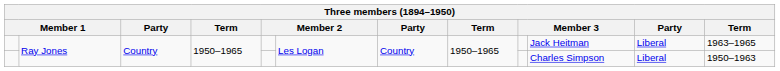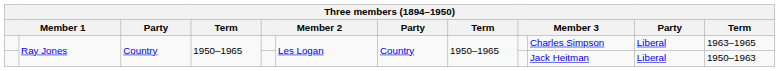 <table class="wikitable" width="100%">
 <tr>
 <th colspan="12">Three members (1894–1950)</th>
 </tr>
 <tr>
 <th colspan="2" width="15%">Member 1</th>
 <th width="9%">Party</th>
 <th width="9%">Term</th>
 <th colspan="2" width="15%">Member 2</th>
 <th width="9%">Party</th>
 <th width="9%">Term</th>
 <th colspan="2" width="15%">Member 3</th>
 <th width="9%">Party</th>
 <th width="9%">Term</th>
 </tr>
 <tr>
 <td> </td>
 <td rowspan="2"><a href='#'>Ray Jones</a></td>
 <td rowspan="2"><a href='#'>Country</a></td>
 <td rowspan="2">1950–1965</td>
 <td> </td>
 <td rowspan="2"><a href='#'>Les Logan</a></td>
 <td rowspan="2"><a href='#'>Country</a></td>
 <td rowspan="2">1950–1965</td>
 <td> </td>
-<td><a href='#'>Jack Heitman</a></td>
+<td><a href='#'>Charles Simpson</a></td>
 <td><a href='#'>Liberal</a></td>
 <td>1963–1965</td>
 </tr>
 <tr>
 <td> </td>
 <td> </td>
 <td> </td>
-<td><a href='#'>Charles Simpson</a></td>
+<td><a href='#'>Jack Heitman</a></td>
 <td><a href='#'>Liberal</a></td>
 <td>1950–1963</td>
 </tr>
 </table>
